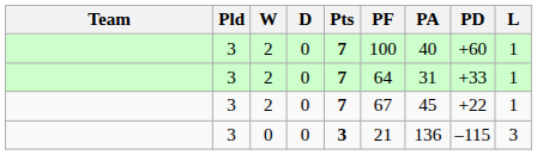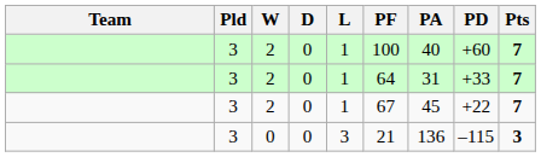 <table class="wikitable" style="text-align:center;">
 <tr>
 <th width=175>Team</th>
 <th width=25 abbr="Played">Pld</th>
 <th width=25 abbr="Won">W</th>
 <th width=25 abbr="Drawn">D</th>
-<th width=25 abbr="Points">Pts</th>
+<th width=25 abbr="Lost">L</th>
 <th width=32 abbr="Points for">PF</th>
 <th width=32 abbr="Points against">PA</th>
 <th width=32 abbr="Points difference">PD</th>
-<th width=25 abbr="Lost">L</th>
+<th width=25 abbr="Points">Pts</th>
 </tr>
 <tr bgcolor=ccffcc>
 <td align=left></td>
 <td>3</td>
 <td>2</td>
 <td>0</td>
-<td><strong>7</strong></td>
+<td>1</td>
 <td>100</td>
 <td>40</td>
 <td>+60</td>
-<td>1</td>
+<td><strong>7</strong></td>
 </tr>
 <tr bgcolor=ccffcc>
 <td align=left></td>
 <td>3</td>
 <td>2</td>
 <td>0</td>
-<td><strong>7</strong></td>
+<td>1</td>
 <td>64</td>
 <td>31</td>
 <td>+33</td>
-<td>1</td>
+<td><strong>7</strong></td>
 </tr>
 <tr>
 <td align=left></td>
 <td>3</td>
 <td>2</td>
 <td>0</td>
-<td><strong>7</strong></td>
+<td>1</td>
 <td>67</td>
 <td>45</td>
 <td>+22</td>
-<td>1</td>
+<td><strong>7</strong></td>
 </tr>
 <tr>
 <td align=left></td>
 <td>3</td>
 <td>0</td>
 <td>0</td>
-<td><strong>3</strong></td>
+<td>3</td>
 <td>21</td>
 <td>136</td>
 <td>–115</td>
-<td>3</td>
+<td><strong>3</strong></td>
 </tr>
 </table>
